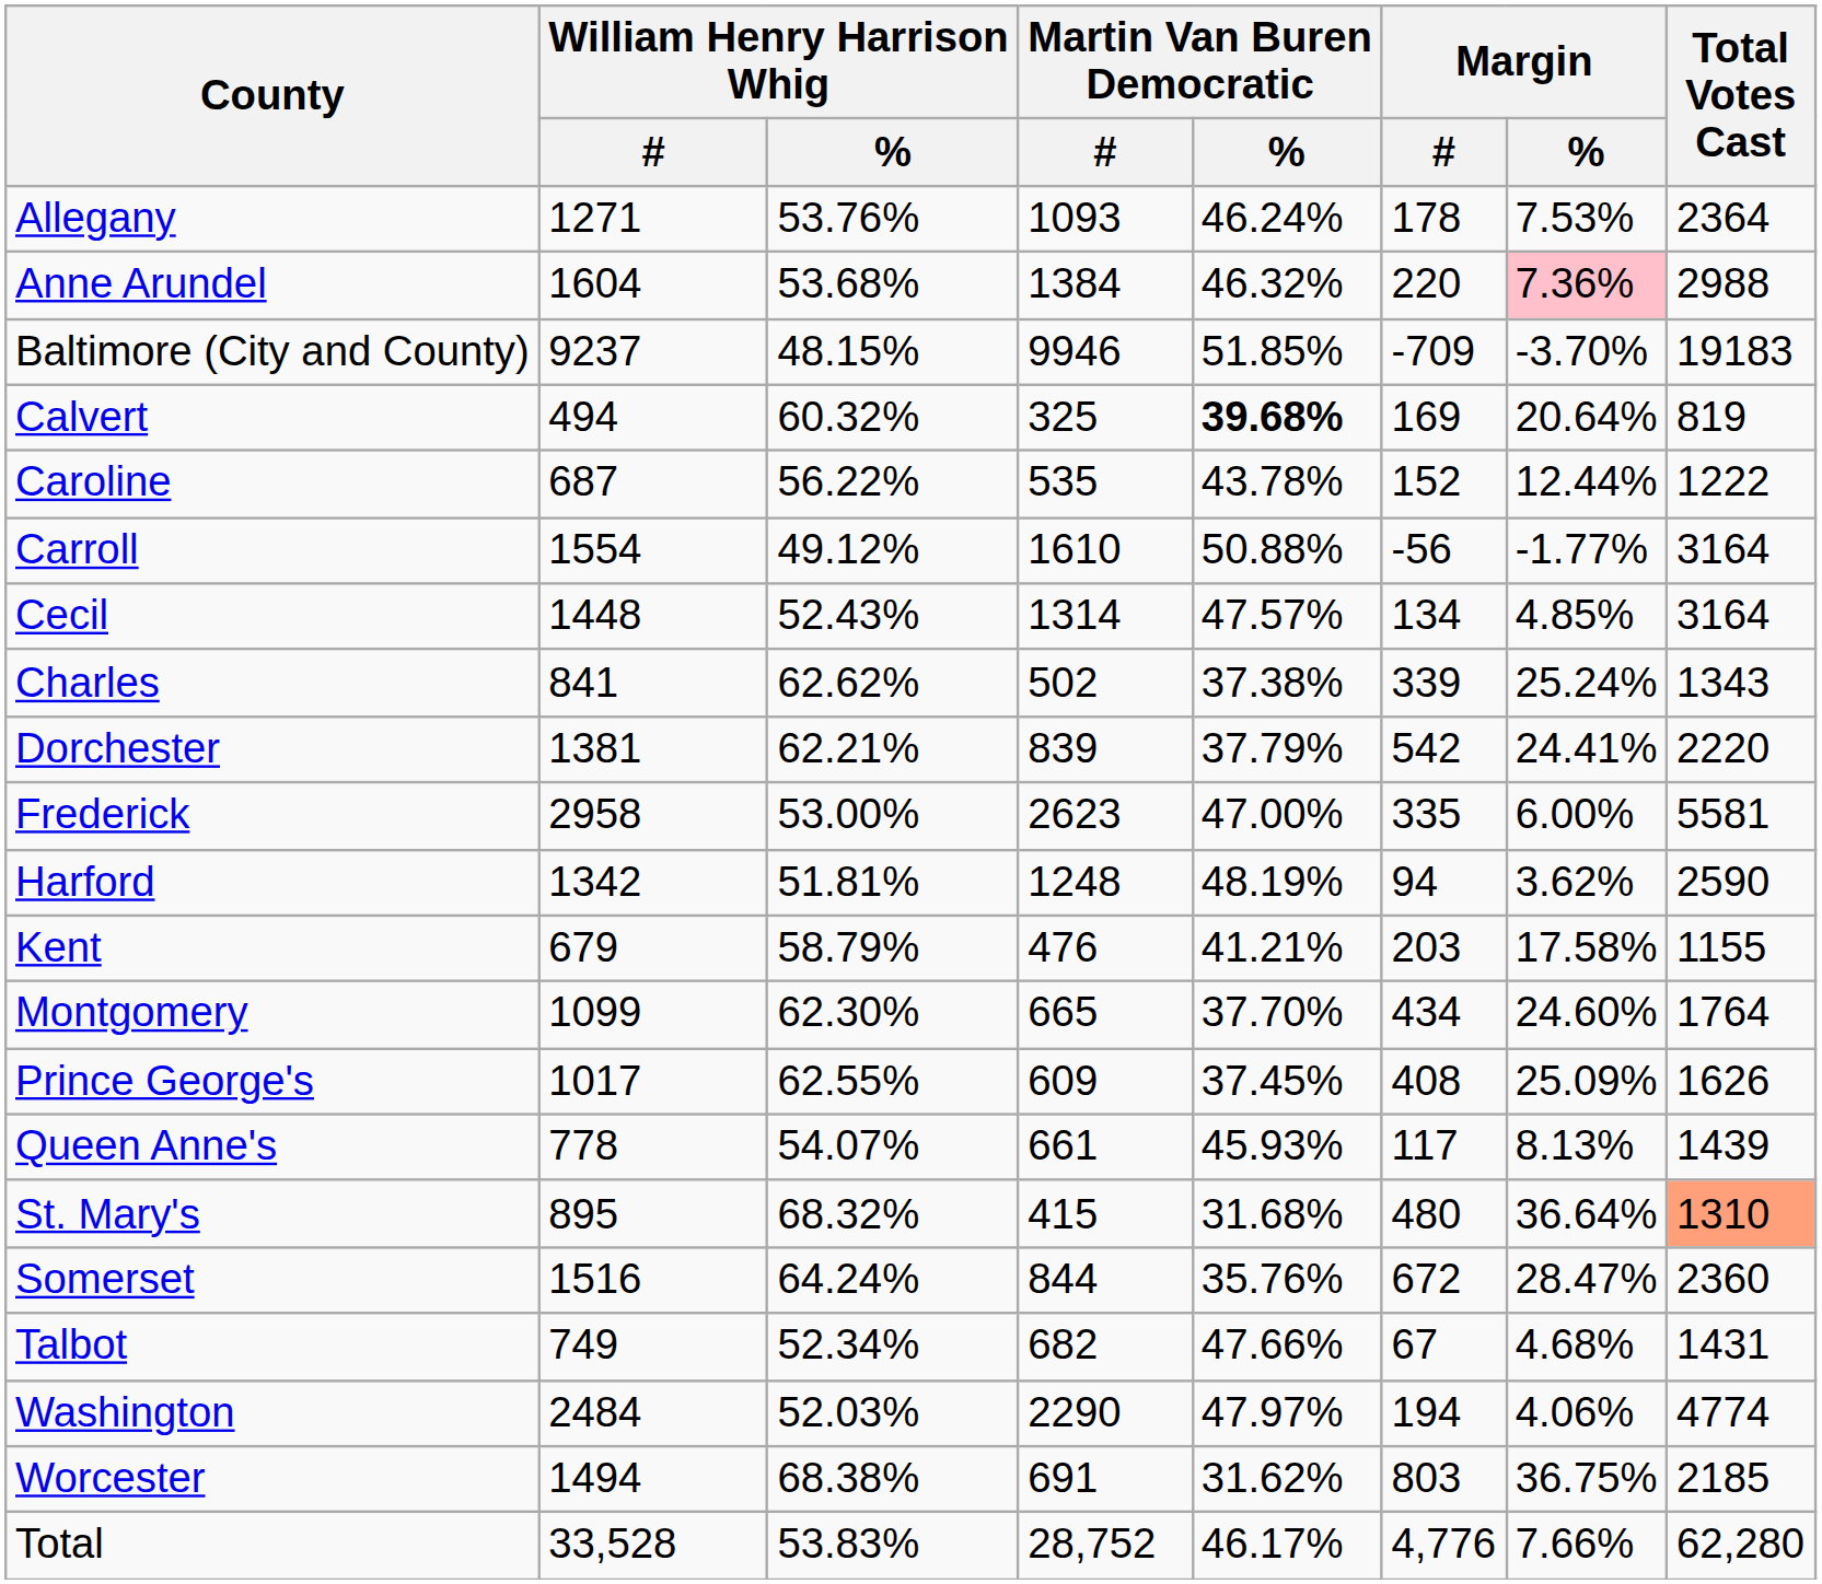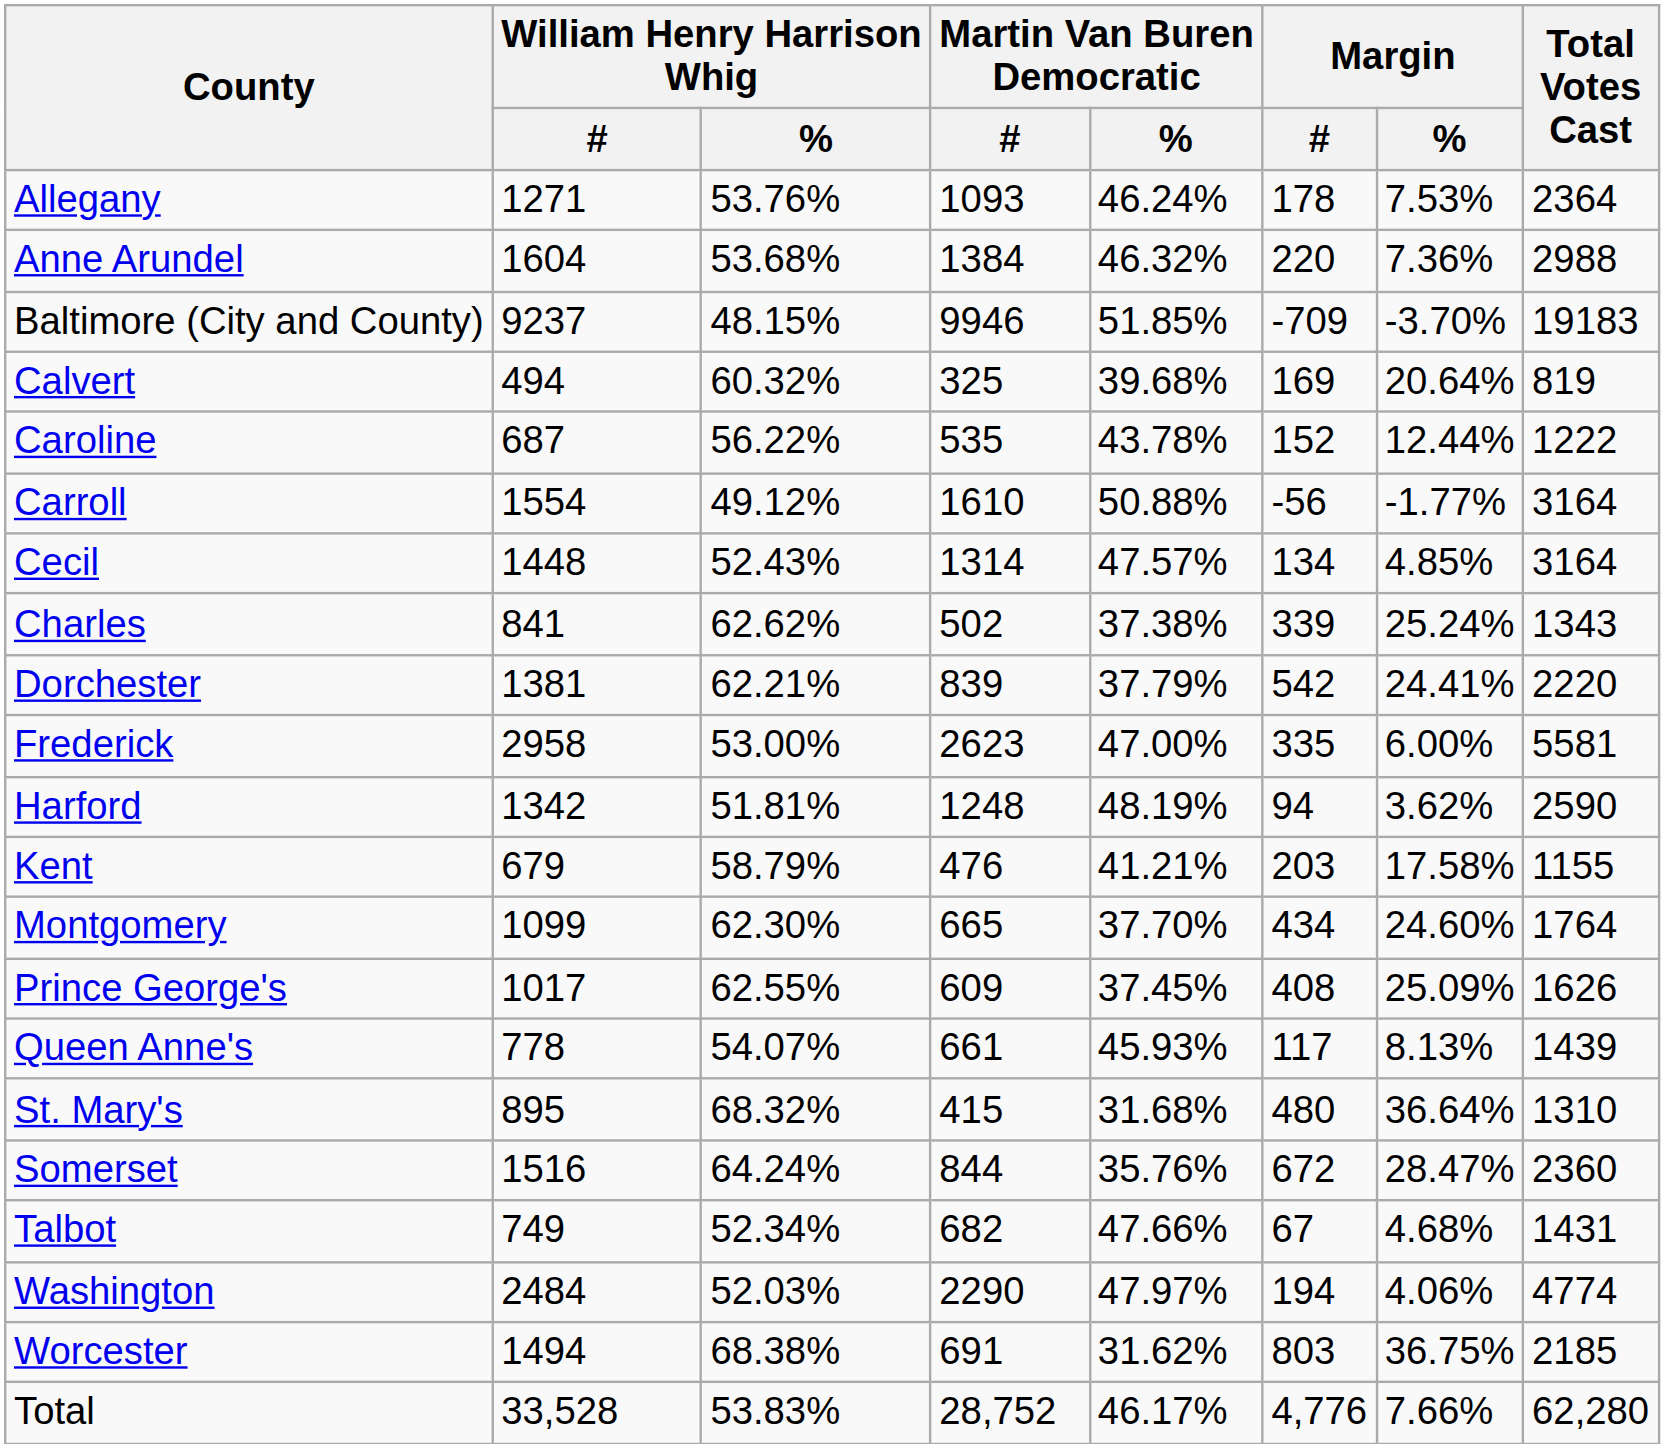 <table class="wikitable sortable">
 <tr>
 <th rowspan="2">County</th>
 <th colspan="2" >William Henry Harrison<br>Whig</th>
 <th colspan="2" >Martin Van Buren<br>Democratic</th>
 <th colspan="2">Margin</th>
 <th rowspan="2">Total<br>Votes<br>Cast </th>
 </tr>
 <tr>
 <th>#</th>
 <th>%</th>
 <th>#</th>
 <th>%</th>
 <th>#</th>
 <th>%</th>
 </tr>
 <tr>
 <td><a href='#'>Allegany</a></td>
 <td>1271</td>
 <td>53.76%</td>
 <td>1093</td>
 <td>46.24%</td>
 <td>178</td>
 <td>7.53%</td>
 <td>2364</td>
 </tr>
 <tr>
 <td><a href='#'>Anne Arundel</a></td>
 <td>1604</td>
 <td>53.68%</td>
 <td>1384</td>
 <td>46.32%</td>
 <td>220</td>
-<td style="background: pink;">7.36%</td>
+<td>7.36%</td>
 <td>2988</td>
 </tr>
 <tr>
 <td>Baltimore (City and County)</td>
 <td>9237</td>
 <td>48.15%</td>
 <td>9946</td>
 <td>51.85%</td>
 <td>-709</td>
 <td>-3.70%</td>
 <td>19183</td>
 </tr>
 <tr>
 <td><a href='#'>Calvert</a></td>
 <td>494</td>
 <td>60.32%</td>
 <td>325</td>
-<td><strong>39.68%</strong></td>
+<td>39.68%</td>
 <td>169</td>
 <td>20.64%</td>
 <td>819</td>
 </tr>
 <tr>
 <td><a href='#'>Caroline</a></td>
 <td>687</td>
 <td>56.22%</td>
 <td>535</td>
 <td>43.78%</td>
 <td>152</td>
 <td>12.44%</td>
 <td>1222</td>
 </tr>
 <tr>
 <td><a href='#'>Carroll</a></td>
 <td>1554</td>
 <td>49.12%</td>
 <td>1610</td>
 <td>50.88%</td>
 <td>-56</td>
 <td>-1.77%</td>
 <td>3164</td>
 </tr>
 <tr>
 <td><a href='#'>Cecil</a></td>
 <td>1448</td>
 <td>52.43%</td>
 <td>1314</td>
 <td>47.57%</td>
 <td>134</td>
 <td>4.85%</td>
 <td>3164</td>
 </tr>
 <tr>
 <td><a href='#'>Charles</a></td>
 <td>841</td>
 <td>62.62%</td>
 <td>502</td>
 <td>37.38%</td>
 <td>339</td>
 <td>25.24%</td>
 <td>1343</td>
 </tr>
 <tr>
 <td><a href='#'>Dorchester</a></td>
 <td>1381</td>
 <td>62.21%</td>
 <td>839</td>
 <td>37.79%</td>
 <td>542</td>
 <td>24.41%</td>
 <td>2220</td>
 </tr>
 <tr>
 <td><a href='#'>Frederick</a></td>
 <td>2958</td>
 <td>53.00%</td>
 <td>2623</td>
 <td>47.00%</td>
 <td>335</td>
 <td>6.00%</td>
 <td>5581</td>
 </tr>
 <tr>
 <td><a href='#'>Harford</a></td>
 <td>1342</td>
 <td>51.81%</td>
 <td>1248</td>
 <td>48.19%</td>
 <td>94</td>
 <td>3.62%</td>
 <td>2590</td>
 </tr>
 <tr>
 <td><a href='#'>Kent</a></td>
 <td>679</td>
 <td>58.79%</td>
 <td>476</td>
 <td>41.21%</td>
 <td>203</td>
 <td>17.58%</td>
 <td>1155</td>
 </tr>
 <tr>
 <td><a href='#'>Montgomery</a></td>
 <td>1099</td>
 <td>62.30%</td>
 <td>665</td>
 <td>37.70%</td>
 <td>434</td>
 <td>24.60%</td>
 <td>1764</td>
 </tr>
 <tr>
 <td><a href='#'>Prince George's</a></td>
 <td>1017</td>
 <td>62.55%</td>
 <td>609</td>
 <td>37.45%</td>
 <td>408</td>
 <td>25.09%</td>
 <td>1626</td>
 </tr>
 <tr>
 <td><a href='#'>Queen Anne's</a></td>
 <td>778</td>
 <td>54.07%</td>
 <td>661</td>
 <td>45.93%</td>
 <td>117</td>
 <td>8.13%</td>
 <td>1439</td>
 </tr>
 <tr>
 <td><a href='#'>St. Mary's</a></td>
 <td>895</td>
 <td>68.32%</td>
 <td>415</td>
 <td>31.68%</td>
 <td>480</td>
 <td>36.64%</td>
-<td style="background: lightsalmon;">1310</td>
+<td>1310</td>
 </tr>
 <tr>
 <td><a href='#'>Somerset</a></td>
 <td>1516</td>
 <td>64.24%</td>
 <td>844</td>
 <td>35.76%</td>
 <td>672</td>
 <td>28.47%</td>
 <td>2360</td>
 </tr>
 <tr>
 <td><a href='#'>Talbot</a></td>
 <td>749</td>
 <td>52.34%</td>
 <td>682</td>
 <td>47.66%</td>
 <td>67</td>
 <td>4.68%</td>
 <td>1431</td>
 </tr>
 <tr>
 <td><a href='#'>Washington</a></td>
 <td>2484</td>
 <td>52.03%</td>
 <td>2290</td>
 <td>47.97%</td>
 <td>194</td>
 <td>4.06%</td>
 <td>4774</td>
 </tr>
 <tr>
 <td><a href='#'>Worcester</a></td>
 <td>1494</td>
 <td>68.38%</td>
 <td>691</td>
 <td>31.62%</td>
 <td>803</td>
 <td>36.75%</td>
 <td>2185</td>
 </tr>
 <tr>
 <td>Total</td>
 <td>33,528</td>
 <td>53.83%</td>
 <td>28,752</td>
 <td>46.17%</td>
 <td>4,776</td>
 <td>7.66%</td>
 <td>62,280</td>
 </tr>
 </table>
